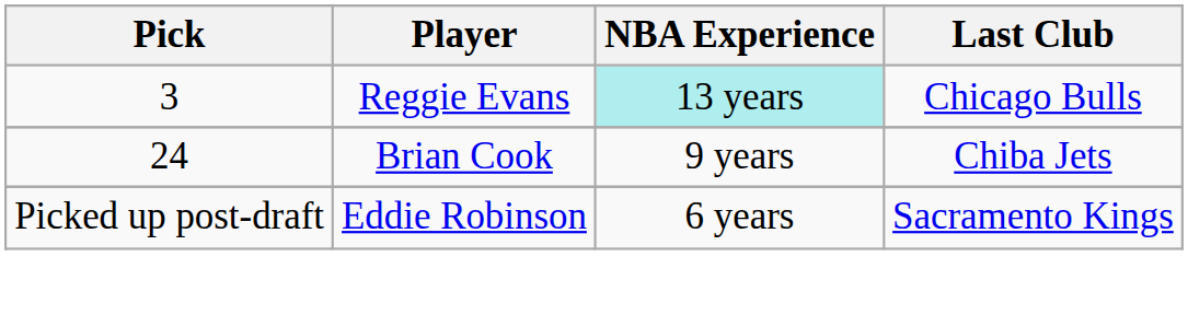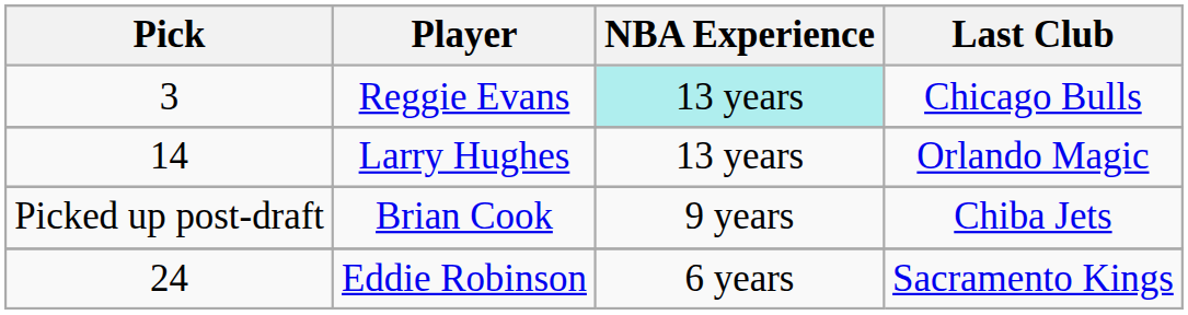 <table class="wikitable sortable sortable">
 <tr>
 </tr>
 <tr style="text-align: center">
 <th>Pick</th>
 <th>Player</th>
 <th>NBA Experience</th>
 <th>Last Club</th>
 </tr>
 <tr style="text-align: center">
 <td>3</td>
 <td><a href='#'>Reggie Evans</a></td>
 <td style="background: paleturquoise;">13 years</td>
 <td> <a href='#'>Chicago Bulls</a></td>
 </tr>
 <tr>
 </tr>
+<tr style="text-align: center">
+<td>14</td>
+<td><a href='#'>Larry Hughes</a></td>
+<td>13 years</td>
+<td> <a href='#'>Orlando Magic</a></td>
+</tr>
 <tr>
 </tr>
 <tr style="text-align: center">
-<td>24</td>
+<td>Picked up post-draft</td>
 <td><a href='#'>Brian Cook</a></td>
 <td>9 years</td>
 <td> <a href='#'>Chiba Jets</a></td>
 </tr>
 <tr>
 </tr>
 <tr style="text-align: center">
-<td>Picked up post-draft</td>
+<td>24</td>
 <td><a href='#'>Eddie Robinson</a></td>
 <td>6 years</td>
 <td> <a href='#'>Sacramento Kings</a></td>
 </tr>
 </table>
